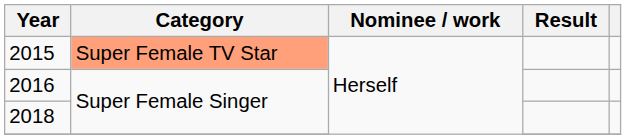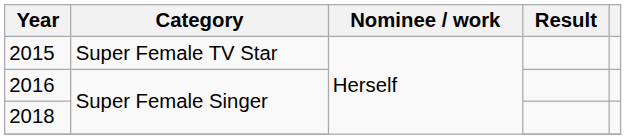 <table class="wikitable" style="width:55%;">
 <tr>
 <th>Year</th>
 <th>Category</th>
 <th>Nominee / work</th>
 <th>Result</th>
 <th></th>
 </tr>
 <tr>
 <td>2015</td>
-<td style="background: lightsalmon;">Super Female TV Star</td>
+<td>Super Female TV Star</td>
 <td rowspan="4">Herself</td>
 <td></td>
 <td></td>
 </tr>
 <tr>
 <td>2016</td>
 <td rowspan="2">Super Female Singer</td>
 <td></td>
 <td></td>
 </tr>
 <tr>
 <td>2018</td>
 <td></td>
 <td></td>
 </tr>
 <tr>
 </tr>
 </table>
